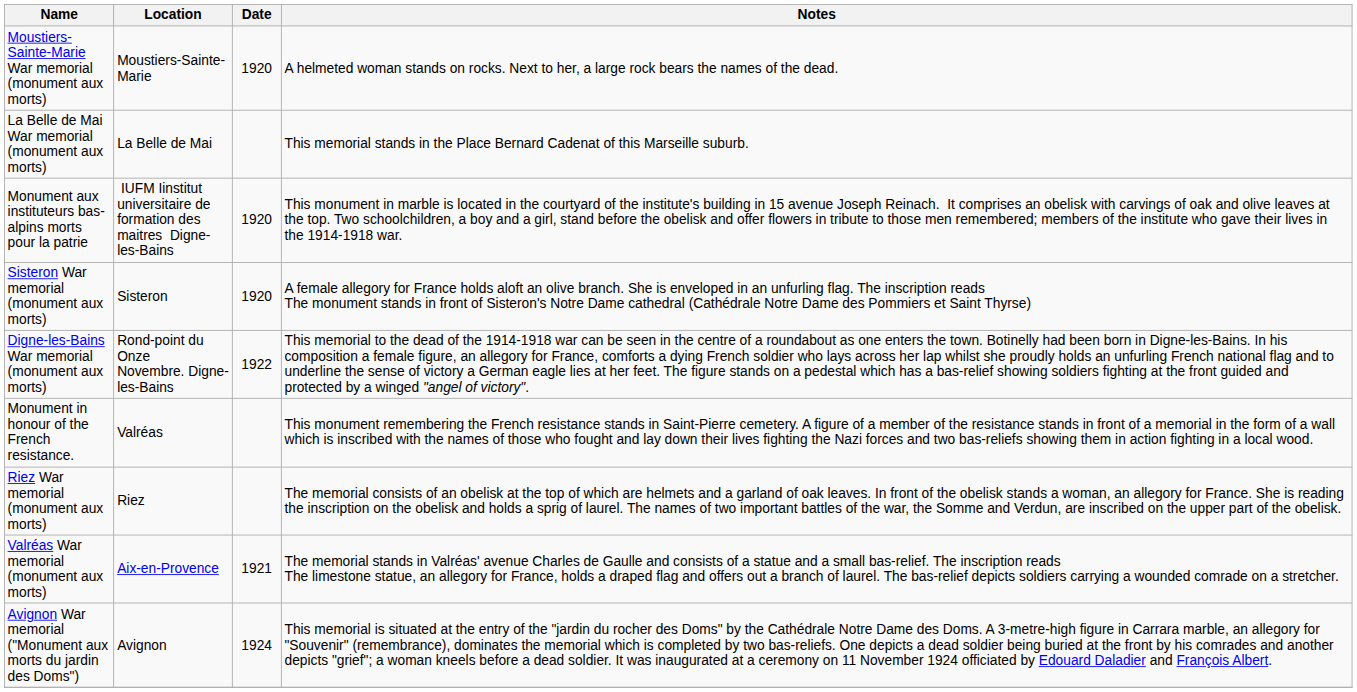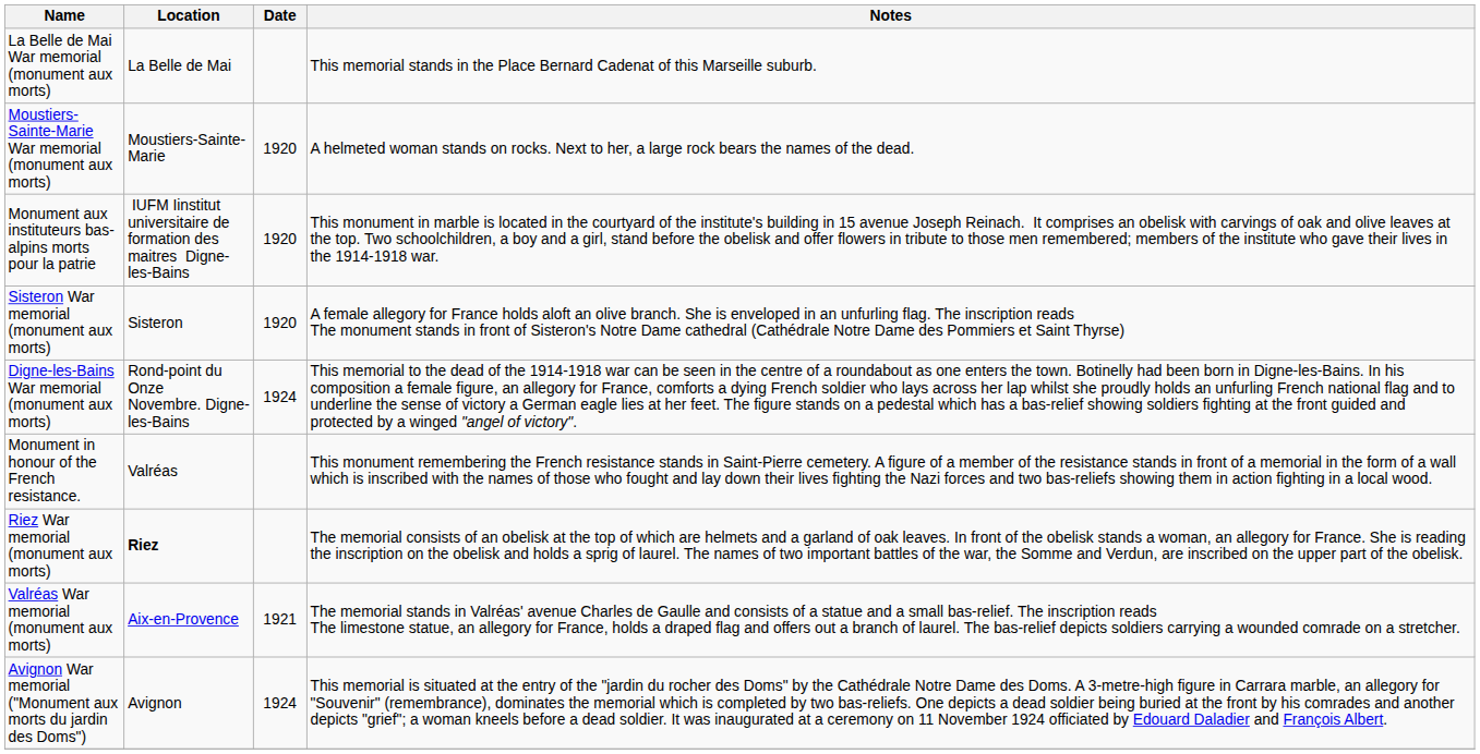 <table class="wikitable sortable plainrowheaders">
 <tr>
 <th style="width:120px">Name</th>
 <th style="width:120px">Location</th>
 <th style="width:50px" >Date</th>
 <th class="unsortable" >Notes</th>
 </tr>
 <tr>
+<td>La Belle de Mai War memorial (monument aux morts)</td>
+<td>La Belle de Mai</td>
+<td align="center"></td>
+<td>This memorial stands in the Place Bernard Cadenat of this Marseille suburb.<br></td>
+</tr>
+<tr>
 <td><a href='#'>Moustiers-Sainte-Marie</a> War memorial (monument aux morts)</td>
 <td>Moustiers-Sainte-Marie</td>
 <td align="center">1920</td>
 <td>A helmeted woman stands on rocks. Next to her, a large rock bears the names of the dead.<br></td>
-</tr>
-<tr>
-<td>La Belle de Mai War memorial (monument aux morts)</td>
-<td>La Belle de Mai</td>
-<td align="center"></td>
-<td>This memorial stands in the Place Bernard Cadenat of this Marseille suburb.<br></td>
 </tr>
 <tr>
 <td>Monument aux instituteurs bas-alpins morts pour la patrie</td>
 <td> IUFM Iinstitut universitaire de formation des maitres  Digne-les-Bains</td>
 <td align="center">1920</td>
 <td>This monument in marble is located in the courtyard of the institute's building in 15 avenue Joseph Reinach.  It comprises an obelisk with carvings of oak and olive leaves at the top. Two schoolchildren, a boy and a girl, stand before the obelisk and offer flowers in tribute to those men remembered; members of the institute who gave their lives in the 1914-1918 war.<br> </td>
 </tr>
 <tr>
 <td><a href='#'>Sisteron</a> War memorial (monument aux morts)</td>
 <td>Sisteron</td>
 <td align="center">1920</td>
 <td>A female allegory for France holds aloft an olive branch. She is enveloped in an unfurling flag. The inscription reads <br>The monument stands in front of Sisteron's Notre Dame cathedral (Cathédrale Notre Dame des Pommiers et Saint Thyrse)  </td>
 </tr>
 <tr>
 <td><a href='#'>Digne-les-Bains</a> War memorial (monument aux morts)</td>
 <td>Rond-point du Onze Novembre. Digne-les-Bains</td>
-<td Align="center">1922</td>
+<td Align="center">1924</td>
 <td>This memorial to the dead of the 1914-1918 war can be seen in the centre of a roundabout as one enters the town. Botinelly had been born in Digne-les-Bains. In his composition a female figure, an allegory for France, comforts a dying French soldier who lays across her lap whilst she proudly holds an unfurling French national flag and to underline the sense of victory a German eagle lies at her feet. The figure stands on a pedestal which has a bas-relief showing soldiers fighting at the front guided and protected by a winged <em>"angel of victory"</em>.<br> </td>
 </tr>
 <tr>
 <td>Monument in honour of the French resistance.</td>
 <td>Valréas</td>
 <td align="center"></td>
 <td>This monument remembering the French resistance stands in Saint-Pierre cemetery. A figure of a member of the resistance stands in front of a memorial in the form of a wall which is inscribed with the names of those who fought and lay down their lives fighting the Nazi forces and two bas-reliefs showing them in action fighting in a local wood.<br></td>
 </tr>
 <tr>
 <td><a href='#'>Riez</a> War memorial (monument aux morts)</td>
-<td>Riez</td>
+<td><strong>Riez</strong></td>
 <td align="center"></td>
 <td>The memorial consists of an obelisk at the top of which are helmets and a garland of oak leaves. In front of the obelisk stands a woman, an allegory for France. She is reading the inscription on the obelisk and holds a sprig of laurel. The names of two important battles of the war, the Somme and Verdun, are inscribed on the upper part of the obelisk.<br> </td>
 </tr>
 <tr>
 <td><a href='#'>Valréas</a> War memorial (monument aux morts)</td>
 <td><a href='#'>Aix-en-Provence</a></td>
 <td align="center">1921</td>
 <td>The memorial stands in Valréas' avenue Charles de Gaulle and consists of a statue and a small bas-relief. The inscription reads <br>The limestone statue, an allegory for France, holds a draped flag and offers out a branch of laurel.  The bas-relief depicts soldiers carrying a wounded comrade on a stretcher.   </td>
 </tr>
 <tr>
 <td><a href='#'>Avignon</a> War memorial ("Monument aux morts du jardin des Doms")</td>
 <td>Avignon</td>
 <td align="center">1924</td>
 <td>This memorial is situated at the entry of the "jardin du rocher des Doms" by the Cathédrale Notre Dame des Doms. A 3-metre-high figure in Carrara marble, an allegory for "Souvenir" (remembrance), dominates the memorial which is completed by two bas-reliefs.  One depicts a dead soldier being buried at the front by his comrades and another depicts "grief"; a woman kneels before a dead soldier. It was inaugurated at a ceremony on 11 November 1924 officiated by <a href='#'>Edouard Daladier</a> and <a href='#'>François Albert</a>.<br> </td>
 </tr>
 <tr>
 </tr>
 </table>
